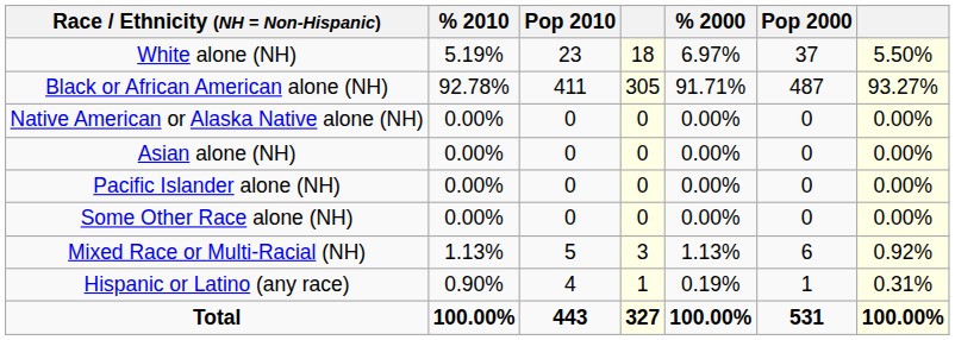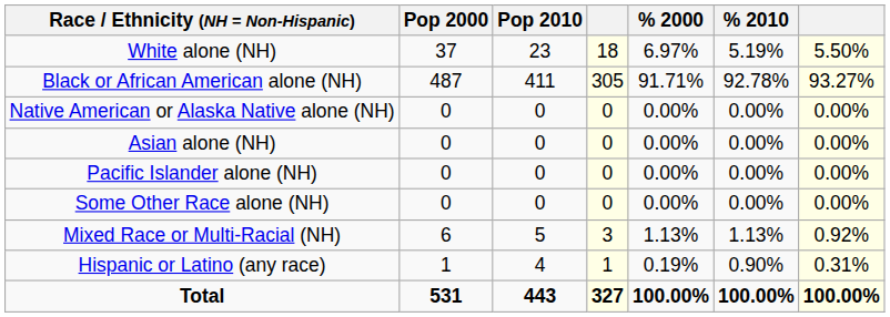 <table class="wikitable" style="text-align:center;">
 <tr>
 <th>Race / Ethnicity <small>(<em>NH = Non-Hispanic</em>)</small></th>
-<th>% 2010</th>
+<th>Pop 2000</th>
 <th>Pop 2010</th>
 <th></th>
 <th>% 2000</th>
-<th>Pop 2000</th>
+<th>% 2010</th>
 <th></th>
 </tr>
 <tr>
 <td><a href='#'>White</a> alone (NH)</td>
-<td>5.19%</td>
+<td>37</td>
 <td>23</td>
 <td style='background: #ffffe6;'>18</td>
 <td>6.97%</td>
-<td>37</td>
+<td>5.19%</td>
 <td style='background: #ffffe6;'>5.50%</td>
 </tr>
 <tr>
 <td><a href='#'>Black or African American</a> alone (NH)</td>
-<td>92.78%</td>
+<td>487</td>
 <td>411</td>
 <td style='background: #ffffe6;'>305</td>
 <td>91.71%</td>
-<td>487</td>
+<td>92.78%</td>
 <td style='background: #ffffe6;'>93.27%</td>
 </tr>
 <tr>
 <td><a href='#'>Native American</a> or <a href='#'>Alaska Native</a> alone (NH)</td>
-<td>0.00%</td>
+<td>0</td>
 <td>0</td>
 <td style='background: #ffffe6;'>0</td>
 <td>0.00%</td>
-<td>0</td>
+<td>0.00%</td>
 <td style='background: #ffffe6;'>0.00%</td>
 </tr>
 <tr>
 <td><a href='#'>Asian</a> alone (NH)</td>
-<td>0.00%</td>
+<td>0</td>
 <td>0</td>
 <td style='background: #ffffe6;'>0</td>
 <td>0.00%</td>
-<td>0</td>
+<td>0.00%</td>
 <td style='background: #ffffe6;'>0.00%</td>
 </tr>
 <tr>
 <td><a href='#'>Pacific Islander</a> alone (NH)</td>
-<td>0.00%</td>
+<td>0</td>
 <td>0</td>
 <td style='background: #ffffe6;'>0</td>
 <td>0.00%</td>
-<td>0</td>
+<td>0.00%</td>
 <td style='background: #ffffe6;'>0.00%</td>
 </tr>
 <tr>
 <td><a href='#'>Some Other Race</a> alone (NH)</td>
-<td>0.00%</td>
+<td>0</td>
 <td>0</td>
 <td style='background: #ffffe6;'>0</td>
 <td>0.00%</td>
-<td>0</td>
+<td>0.00%</td>
 <td style='background: #ffffe6;'>0.00%</td>
 </tr>
 <tr>
 <td><a href='#'>Mixed Race or Multi-Racial</a> (NH)</td>
-<td>1.13%</td>
+<td>6</td>
 <td>5</td>
 <td style='background: #ffffe6;'>3</td>
 <td>1.13%</td>
-<td>6</td>
+<td>1.13%</td>
 <td style='background: #ffffe6;'>0.92%</td>
 </tr>
 <tr>
 <td><a href='#'>Hispanic or Latino</a> (any race)</td>
-<td>0.90%</td>
+<td>1</td>
 <td>4</td>
 <td style='background: #ffffe6;'>1</td>
 <td>0.19%</td>
-<td>1</td>
+<td>0.90%</td>
 <td style='background: #ffffe6;'>0.31%</td>
 </tr>
 <tr>
 <td><strong>Total</strong></td>
-<td><strong>100.00%</strong></td>
+<td><strong>531</strong></td>
 <td><strong>443</strong></td>
 <td style='background: #ffffe6;'><strong>327</strong></td>
 <td><strong>100.00%</strong></td>
-<td><strong>531</strong></td>
+<td><strong>100.00%</strong></td>
 <td style='background: #ffffe6;'><strong>100.00%</strong></td>
 </tr>
 </table>
